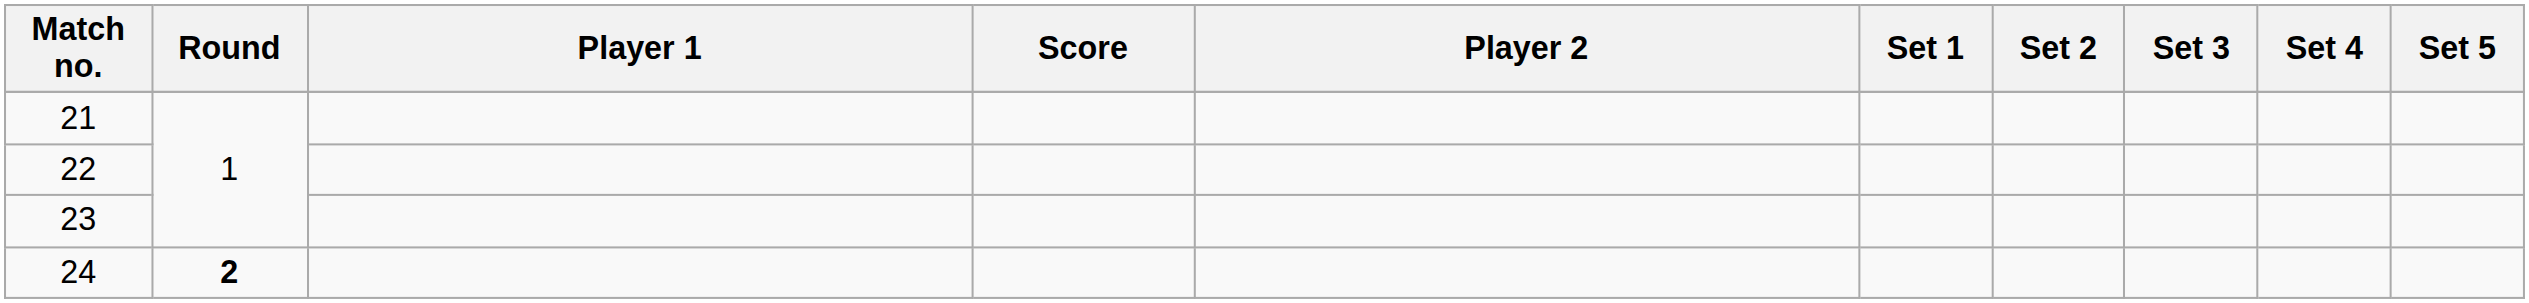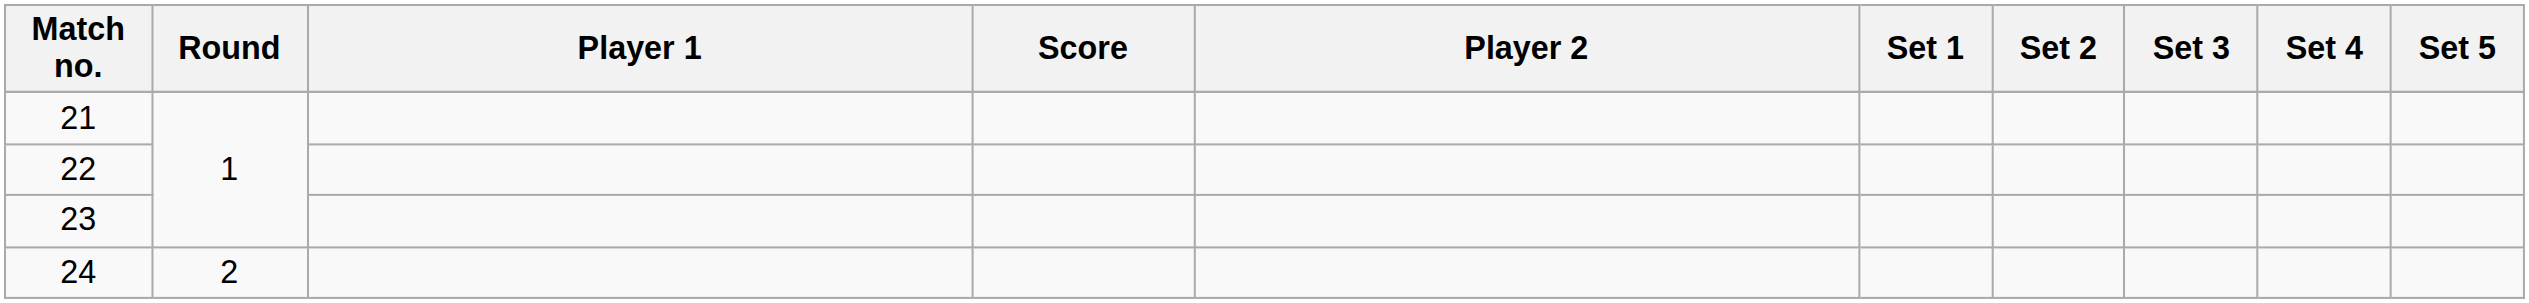 <table class="wikitable" style="text-align: center;">
 <tr>
 <th width="2%">Match no.</th>
 <th width="2%">Round</th>
 <th width="15%">Player 1</th>
 <th width="5%">Score</th>
 <th width="15%">Player 2</th>
 <th width="3%">Set 1</th>
 <th width="3%">Set 2</th>
 <th width="3%">Set 3</th>
 <th width="3%">Set 4</th>
 <th width="3%">Set 5</th>
 </tr>
 <tr>
 </tr>
 <tr style=text-align:center;>
 <td>21</td>
 <td rowspan=3>1</td>
 <td></td>
 <td></td>
 <td></td>
 <td></td>
 <td></td>
 <td></td>
 <td></td>
 <td></td>
 </tr>
 <tr style=text-align:center;>
 <td>22</td>
 <td></td>
 <td></td>
 <td></td>
 <td></td>
 <td></td>
 <td></td>
 <td></td>
 <td></td>
 </tr>
 <tr style=text-align:center;>
 <td>23</td>
 <td></td>
 <td></td>
 <td></td>
 <td></td>
 <td></td>
 <td></td>
 <td></td>
 <td></td>
 </tr>
 <tr style=text-align:center;>
 <td>24</td>
-<td><strong>2</strong></td>
+<td>2</td>
 <td></td>
 <td></td>
 <td></td>
 <td></td>
 <td></td>
 <td></td>
 <td></td>
 <td></td>
 </tr>
 </table>
